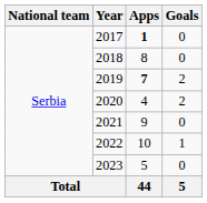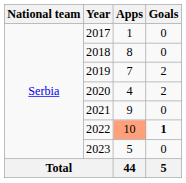 <table class="wikitable" style="text-align:center">
 <tr>
 <th>National team</th>
 <th>Year</th>
 <th>Apps</th>
 <th>Goals</th>
 </tr>
 <tr>
 <td rowspan="7"><a href='#'>Serbia</a></td>
 <td>2017</td>
-<td><strong>1</strong></td>
+<td>1</td>
 <td>0</td>
 </tr>
 <tr>
 <td>2018</td>
 <td>8</td>
 <td>0</td>
 </tr>
 <tr>
 <td>2019</td>
-<td><strong>7</strong></td>
+<td>7</td>
 <td>2</td>
 </tr>
 <tr>
 <td>2020</td>
 <td>4</td>
 <td>2</td>
 </tr>
 <tr>
 <td>2021</td>
 <td>9</td>
 <td>0</td>
 </tr>
 <tr>
 <td>2022</td>
-<td>10</td>
-<td>1</td>
+<td style="background: lightsalmon;">10</td>
+<td><strong>1</strong></td>
 </tr>
 <tr>
 <td>2023</td>
 <td>5</td>
 <td>0</td>
 </tr>
 <tr>
 <th colspan="2">Total</th>
 <th>44</th>
 <th>5</th>
 </tr>
 </table>
